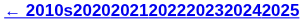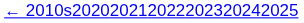 <table id=toc class=toc summary=Contents>
 <tr>
 <th></th>
 </tr>
 <tr>
-<td align=center><strong><a href='#'>← 2010s</a><a href='#'>2020</a><a href='#'>2021</a><a href='#'>2022</a><a href='#'>2023</a><a href='#'>2024</a><a href='#'>2025</a></strong></td>
+<td align=center><a href='#'>← 2010s</a><a href='#'>2020</a><a href='#'>2021</a><a href='#'>2022</a><a href='#'>2023</a><a href='#'>2024</a><a href='#'>2025</a></td>
 </tr>
 </table>
